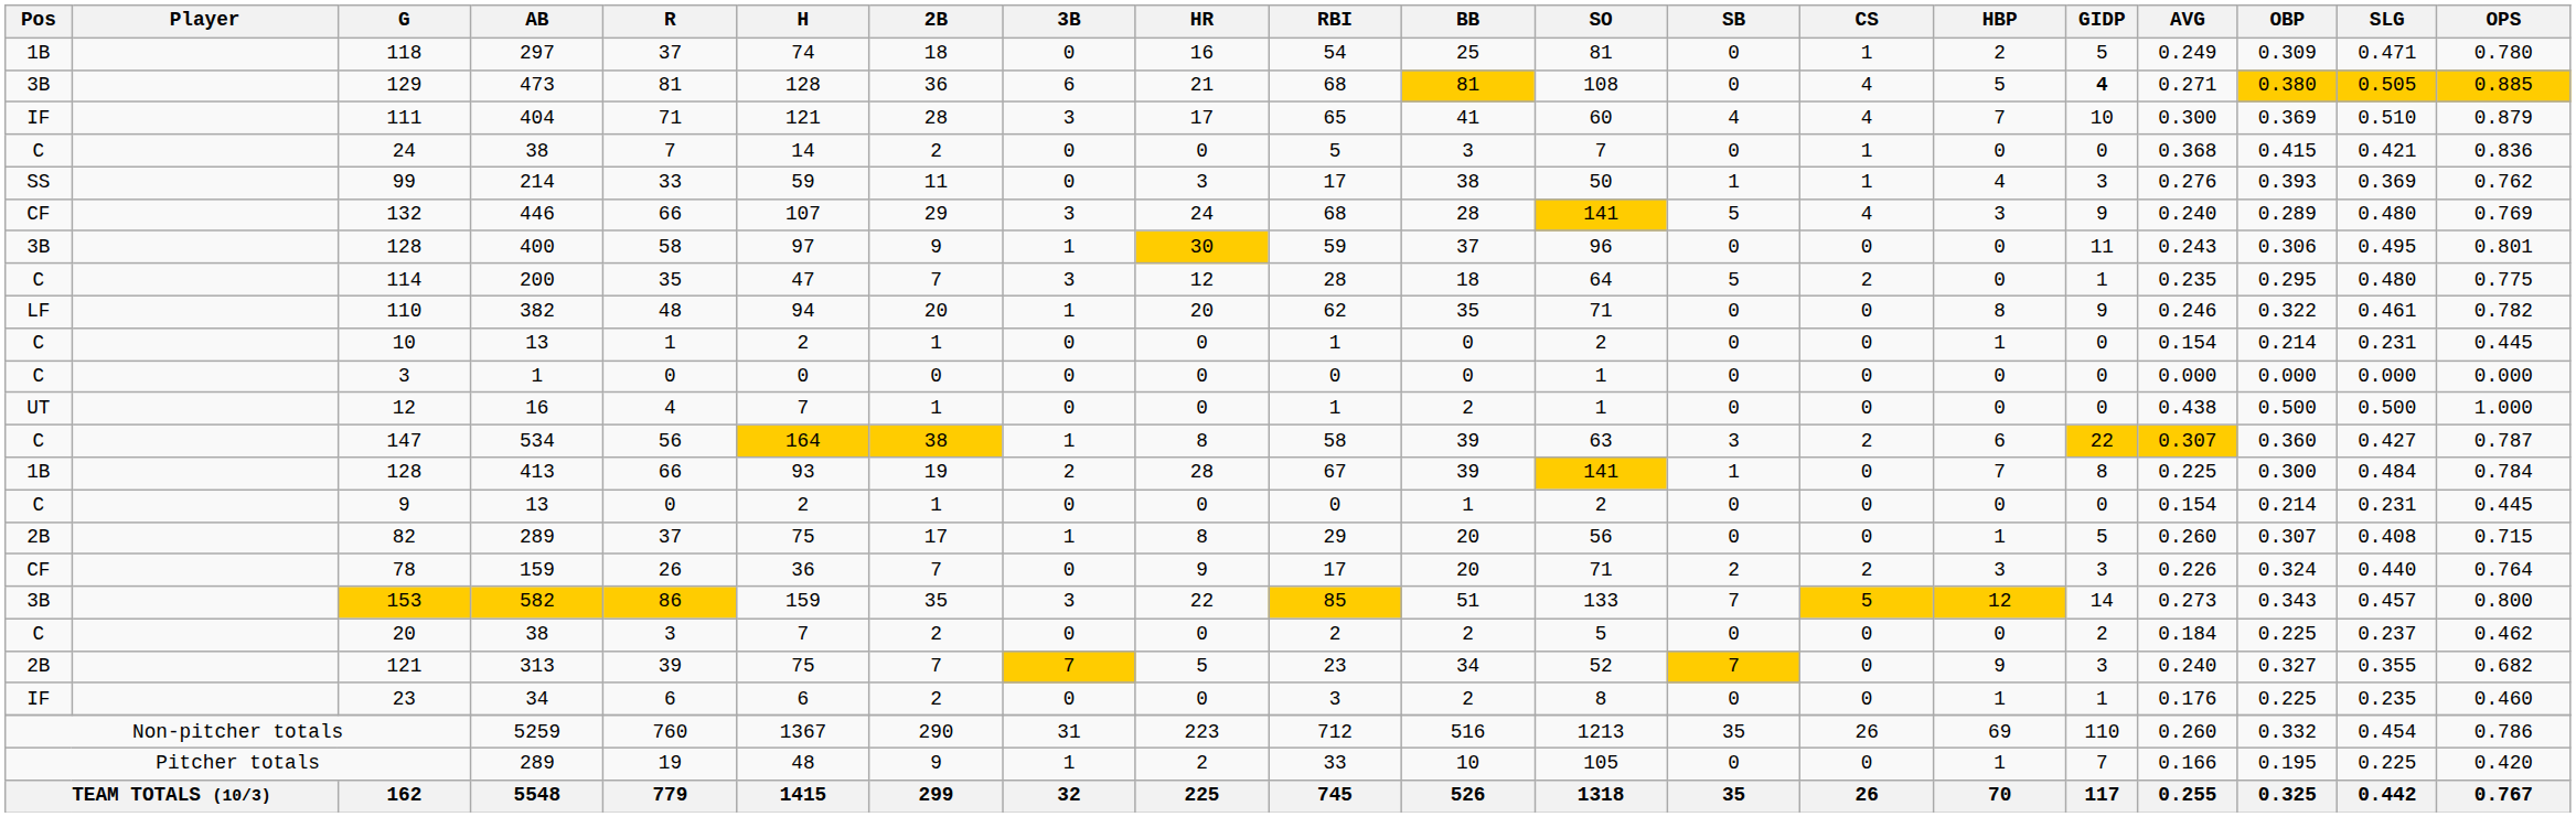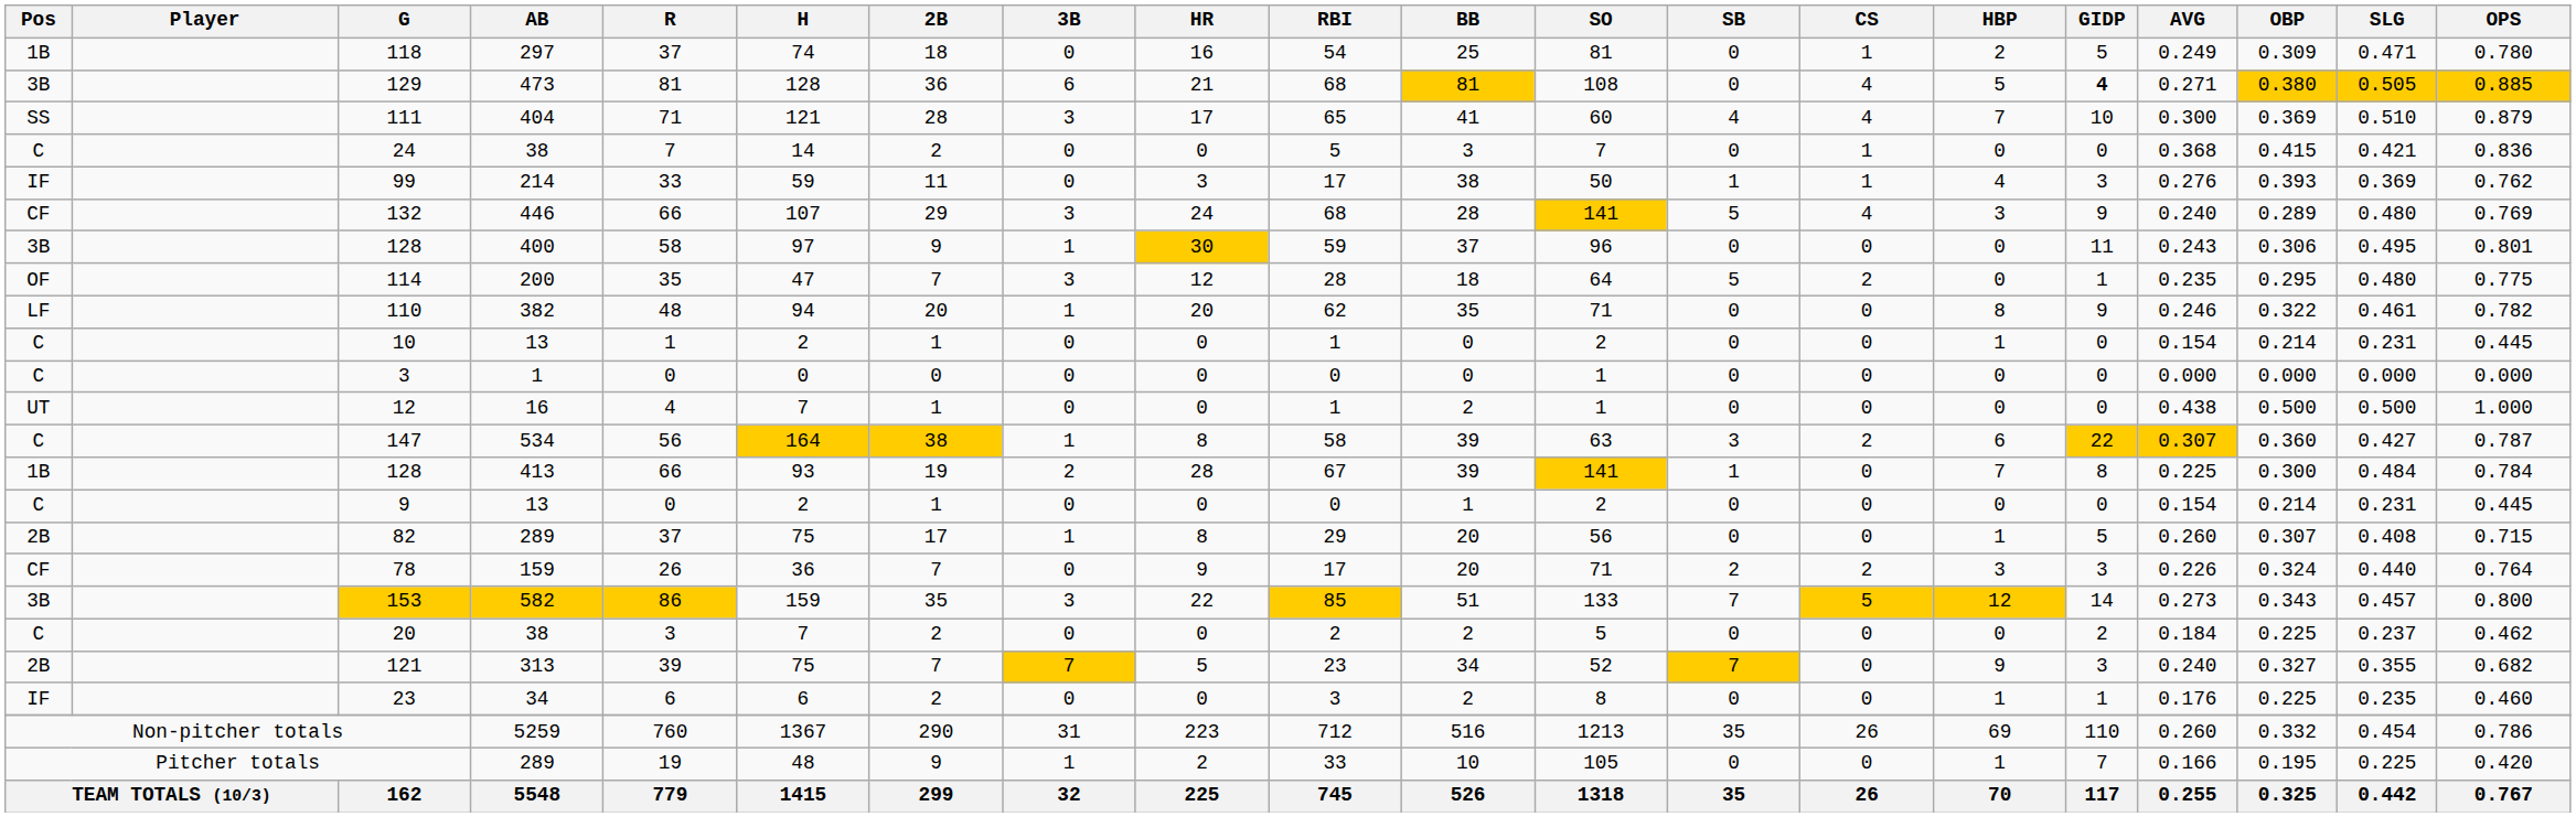 <table class="wikitable sortable" style="font-size:92%; text-align:center;">
 <tr>
 <th style="width:2%;">Pos</th>
 <th style="width:8%;">Player</th>
 <th style="width:4%;">G</th>
 <th style="width:4%;">AB</th>
 <th style="width:4%;">R</th>
 <th style="width:4%;">H</th>
 <th style="width:4%;">2B</th>
 <th style="width:4%;">3B</th>
 <th style="width:4%;">HR</th>
 <th style="width:4%;">RBI</th>
 <th style="width:4%;">BB</th>
 <th style="width:4%;">SO</th>
 <th style="width:4%;">SB</th>
 <th style="width:4%;">CS</th>
 <th style="width:4%;">HBP</th>
 <th style="width:2%;">GIDP</th>
 <th style="width:3%;">AVG</th>
 <th style="width:3%;">OBP</th>
 <th style="width:3%;">SLG</th>
 <th style="width:4%;">OPS</th>
 </tr>
 <tr>
 <td>1B</td>
 <td></td>
 <td>118</td>
 <td>297</td>
 <td>37</td>
 <td>74</td>
 <td>18</td>
 <td>0</td>
 <td>16</td>
 <td>54</td>
 <td>25</td>
 <td>81</td>
 <td>0</td>
 <td>1</td>
 <td>2</td>
 <td>5</td>
 <td>0.249</td>
 <td>0.309</td>
 <td>0.471</td>
 <td>0.780</td>
 </tr>
 <tr>
 <td>3B</td>
 <td></td>
 <td>129</td>
 <td>473</td>
 <td>81</td>
 <td>128</td>
 <td>36</td>
 <td>6</td>
 <td>21</td>
 <td>68</td>
 <td bgcolor="#ffcc00">81</td>
 <td>108</td>
 <td>0</td>
 <td>4</td>
 <td>5</td>
 <td><strong>4</strong></td>
 <td>0.271</td>
 <td bgcolor="#ffcc00">0.380</td>
 <td bgcolor="#ffcc00">0.505</td>
 <td bgcolor="#ffcc00">0.885</td>
 </tr>
 <tr>
-<td>IF</td>
+<td>SS</td>
 <td></td>
 <td>111</td>
 <td>404</td>
 <td>71</td>
 <td>121</td>
 <td>28</td>
 <td>3</td>
 <td>17</td>
 <td>65</td>
 <td>41</td>
 <td>60</td>
 <td>4</td>
 <td>4</td>
 <td>7</td>
 <td>10</td>
 <td>0.300</td>
 <td>0.369</td>
 <td>0.510</td>
 <td>0.879</td>
 </tr>
 <tr>
 <td>C</td>
 <td></td>
 <td>24</td>
 <td>38</td>
 <td>7</td>
 <td>14</td>
 <td>2</td>
 <td>0</td>
 <td>0</td>
 <td>5</td>
 <td>3</td>
 <td>7</td>
 <td>0</td>
 <td>1</td>
 <td>0</td>
 <td>0</td>
 <td>0.368</td>
 <td>0.415</td>
 <td>0.421</td>
 <td>0.836</td>
 </tr>
 <tr>
-<td>SS</td>
+<td>IF</td>
 <td></td>
 <td>99</td>
 <td>214</td>
 <td>33</td>
 <td>59</td>
 <td>11</td>
 <td>0</td>
 <td>3</td>
 <td>17</td>
 <td>38</td>
 <td>50</td>
 <td>1</td>
 <td>1</td>
 <td>4</td>
 <td>3</td>
 <td>0.276</td>
 <td>0.393</td>
 <td>0.369</td>
 <td>0.762</td>
 </tr>
 <tr>
 <td>CF</td>
 <td></td>
 <td>132</td>
 <td>446</td>
 <td>66</td>
 <td>107</td>
 <td>29</td>
 <td>3</td>
 <td>24</td>
 <td>68</td>
 <td>28</td>
 <td bgcolor="#ffcc00">141</td>
 <td>5</td>
 <td>4</td>
 <td>3</td>
 <td>9</td>
 <td>0.240</td>
 <td>0.289</td>
 <td>0.480</td>
 <td>0.769</td>
 </tr>
 <tr>
 <td>3B</td>
 <td></td>
 <td>128</td>
 <td>400</td>
 <td>58</td>
 <td>97</td>
 <td>9</td>
 <td>1</td>
 <td bgcolor="#ffcc00">30</td>
 <td>59</td>
 <td>37</td>
 <td>96</td>
 <td>0</td>
 <td>0</td>
 <td>0</td>
 <td>11</td>
 <td>0.243</td>
 <td>0.306</td>
 <td>0.495</td>
 <td>0.801</td>
 </tr>
 <tr>
-<td>C</td>
+<td>OF</td>
 <td></td>
 <td>114</td>
 <td>200</td>
 <td>35</td>
 <td>47</td>
 <td>7</td>
 <td>3</td>
 <td>12</td>
 <td>28</td>
 <td>18</td>
 <td>64</td>
 <td>5</td>
 <td>2</td>
 <td>0</td>
 <td>1</td>
 <td>0.235</td>
 <td>0.295</td>
 <td>0.480</td>
 <td>0.775</td>
 </tr>
 <tr>
 <td>LF</td>
 <td></td>
 <td>110</td>
 <td>382</td>
 <td>48</td>
 <td>94</td>
 <td>20</td>
 <td>1</td>
 <td>20</td>
 <td>62</td>
 <td>35</td>
 <td>71</td>
 <td>0</td>
 <td>0</td>
 <td>8</td>
 <td>9</td>
 <td>0.246</td>
 <td>0.322</td>
 <td>0.461</td>
 <td>0.782</td>
 </tr>
 <tr>
 <td>C</td>
 <td></td>
 <td>10</td>
 <td>13</td>
 <td>1</td>
 <td>2</td>
 <td>1</td>
 <td>0</td>
 <td>0</td>
 <td>1</td>
 <td>0</td>
 <td>2</td>
 <td>0</td>
 <td>0</td>
 <td>1</td>
 <td>0</td>
 <td>0.154</td>
 <td>0.214</td>
 <td>0.231</td>
 <td>0.445</td>
 </tr>
 <tr>
 <td>C</td>
 <td></td>
 <td>3</td>
 <td>1</td>
 <td>0</td>
 <td>0</td>
 <td>0</td>
 <td>0</td>
 <td>0</td>
 <td>0</td>
 <td>0</td>
 <td>1</td>
 <td>0</td>
 <td>0</td>
 <td>0</td>
 <td>0</td>
 <td>0.000</td>
 <td>0.000</td>
 <td>0.000</td>
 <td>0.000</td>
 </tr>
 <tr>
 <td>UT</td>
 <td></td>
 <td>12</td>
 <td>16</td>
 <td>4</td>
 <td>7</td>
 <td>1</td>
 <td>0</td>
 <td>0</td>
 <td>1</td>
 <td>2</td>
 <td>1</td>
 <td>0</td>
 <td>0</td>
 <td>0</td>
 <td>0</td>
 <td>0.438</td>
 <td>0.500</td>
 <td>0.500</td>
 <td>1.000</td>
 </tr>
 <tr>
 <td>C</td>
 <td></td>
 <td>147</td>
 <td>534</td>
 <td>56</td>
 <td bgcolor="ffcc00">164</td>
 <td bgcolor="#ffcc00">38</td>
 <td>1</td>
 <td>8</td>
 <td>58</td>
 <td>39</td>
 <td>63</td>
 <td>3</td>
 <td>2</td>
 <td>6</td>
 <td bgcolor="#ffcc00">22</td>
 <td bgcolor="ffcc00">0.307</td>
 <td>0.360</td>
 <td>0.427</td>
 <td>0.787</td>
 </tr>
 <tr>
 <td>1B</td>
 <td></td>
 <td>128</td>
 <td>413</td>
 <td>66</td>
 <td>93</td>
 <td>19</td>
 <td>2</td>
 <td>28</td>
 <td>67</td>
 <td>39</td>
 <td bgcolor="#ffcc00">141</td>
 <td>1</td>
 <td>0</td>
 <td>7</td>
 <td>8</td>
 <td>0.225</td>
 <td>0.300</td>
 <td>0.484</td>
 <td>0.784</td>
 </tr>
 <tr>
 <td>C</td>
 <td></td>
 <td>9</td>
 <td>13</td>
 <td>0</td>
 <td>2</td>
 <td>1</td>
 <td>0</td>
 <td>0</td>
 <td>0</td>
 <td>1</td>
 <td>2</td>
 <td>0</td>
 <td>0</td>
 <td>0</td>
 <td>0</td>
 <td>0.154</td>
 <td>0.214</td>
 <td>0.231</td>
 <td>0.445</td>
 </tr>
 <tr>
 <td>2B</td>
 <td></td>
 <td>82</td>
 <td>289</td>
 <td>37</td>
 <td>75</td>
 <td>17</td>
 <td>1</td>
 <td>8</td>
 <td>29</td>
 <td>20</td>
 <td>56</td>
 <td>0</td>
 <td>0</td>
 <td>1</td>
 <td>5</td>
 <td>0.260</td>
 <td>0.307</td>
 <td>0.408</td>
 <td>0.715</td>
 </tr>
 <tr>
 <td>CF</td>
 <td></td>
 <td>78</td>
 <td>159</td>
 <td>26</td>
 <td>36</td>
 <td>7</td>
 <td>0</td>
 <td>9</td>
 <td>17</td>
 <td>20</td>
 <td>71</td>
 <td>2</td>
 <td>2</td>
 <td>3</td>
 <td>3</td>
 <td>0.226</td>
 <td>0.324</td>
 <td>0.440</td>
 <td>0.764</td>
 </tr>
 <tr>
 <td>3B</td>
 <td></td>
 <td bgcolor="#ffcc00">153</td>
 <td bgcolor="#ffcc00">582</td>
 <td bgcolor="#ffcc00">86</td>
 <td>159</td>
 <td>35</td>
 <td>3</td>
 <td>22</td>
 <td bgcolor="#ffcc00">85</td>
 <td>51</td>
 <td>133</td>
 <td>7</td>
 <td bgcolor="#ffcc00">5</td>
 <td bgcolor="#ffcc00">12</td>
 <td>14</td>
 <td>0.273</td>
 <td>0.343</td>
 <td>0.457</td>
 <td>0.800</td>
 </tr>
 <tr>
 <td>C</td>
 <td></td>
 <td>20</td>
 <td>38</td>
 <td>3</td>
 <td>7</td>
 <td>2</td>
 <td>0</td>
 <td>0</td>
 <td>2</td>
 <td>2</td>
 <td>5</td>
 <td>0</td>
 <td>0</td>
 <td>0</td>
 <td>2</td>
 <td>0.184</td>
 <td>0.225</td>
 <td>0.237</td>
 <td>0.462</td>
 </tr>
 <tr>
 <td>2B</td>
 <td></td>
 <td>121</td>
 <td>313</td>
 <td>39</td>
 <td>75</td>
 <td>7</td>
 <td bgcolor="#ffcc00">7</td>
 <td>5</td>
 <td>23</td>
 <td>34</td>
 <td>52</td>
 <td bgcolor="#ffcc00">7</td>
 <td>0</td>
 <td>9</td>
 <td>3</td>
 <td>0.240</td>
 <td>0.327</td>
 <td>0.355</td>
 <td>0.682</td>
 </tr>
 <tr>
 <td>IF</td>
 <td></td>
 <td>23</td>
 <td>34</td>
 <td>6</td>
 <td>6</td>
 <td>2</td>
 <td>0</td>
 <td>0</td>
 <td>3</td>
 <td>2</td>
 <td>8</td>
 <td>0</td>
 <td>0</td>
 <td>1</td>
 <td>1</td>
 <td>0.176</td>
 <td>0.225</td>
 <td>0.235</td>
 <td>0.460</td>
 </tr>
 <tr>
 </tr>
 <tr class="sortbottom">
 <td colspan="3">Non-pitcher totals</td>
 <td>5259</td>
 <td>760</td>
 <td>1367</td>
 <td>290</td>
 <td>31</td>
 <td>223</td>
 <td>712</td>
 <td>516</td>
 <td>1213</td>
 <td>35</td>
 <td>26</td>
 <td>69</td>
 <td>110</td>
 <td>0.260</td>
 <td>0.332</td>
 <td>0.454</td>
 <td>0.786</td>
 </tr>
 <tr>
 <td colspan="3">Pitcher totals</td>
 <td>289</td>
 <td>19</td>
 <td>48</td>
 <td>9</td>
 <td>1</td>
 <td>2</td>
 <td>33</td>
 <td>10</td>
 <td>105</td>
 <td>0</td>
 <td>0</td>
 <td>1</td>
 <td>7</td>
 <td>0.166</td>
 <td>0.195</td>
 <td>0.225</td>
 <td>0.420<br></td>
 </tr>
 <tr>
 <th colspan="2">TEAM TOTALS <small>(10/3)</small></th>
 <th>162</th>
 <th>5548</th>
 <th>779</th>
 <th>1415</th>
 <th>299</th>
 <th>32</th>
 <th>225</th>
 <th>745</th>
 <th>526</th>
 <th>1318</th>
 <th>35</th>
 <th>26</th>
 <th>70</th>
 <th>117</th>
 <th>0.255</th>
 <th>0.325</th>
 <th>0.442</th>
 <th>0.767</th>
 </tr>
 </table>
